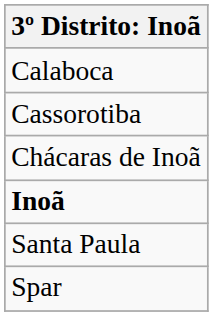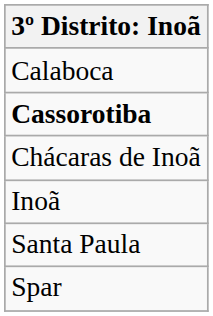 <table class="wikitable">
 <tr>
 <th><strong>3º Distrito:  Inoã</strong></th>
 </tr>
 <tr>
 <td>Calaboca</td>
 </tr>
 <tr>
-<td>Cassorotiba</td>
+<td><strong>Cassorotiba</strong></td>
 </tr>
 <tr>
 <td>Chácaras de Inoã</td>
 </tr>
 <tr>
-<td><strong>Inoã</strong></td>
+<td>Inoã</td>
 </tr>
 <tr>
 <td>Santa Paula</td>
 </tr>
 <tr>
 <td>Spar</td>
 </tr>
 </table>
